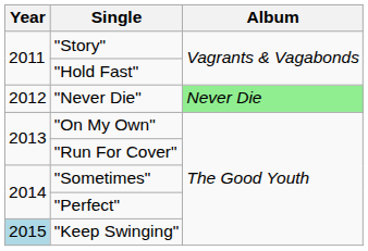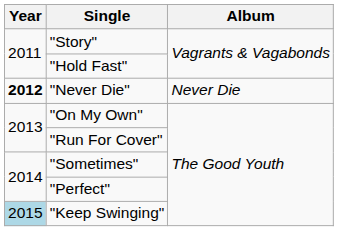 <table class="wikitable">
 <tr>
 <th>Year</th>
 <th>Single</th>
 <th>Album</th>
 </tr>
 <tr>
 <td rowspan=2>2011</td>
 <td>"Story"</td>
 <td rowspan=2><em>Vagrants & Vagabonds</em></td>
 </tr>
 <tr>
 <td>"Hold Fast"</td>
 </tr>
 <tr>
-<td rowspan=1>2012</td>
+<td rowspan=1><strong>2012</strong></td>
 <td>"Never Die"</td>
-<td rowspan=1 style="background: lightgreen;"><em>Never Die</em></td>
+<td rowspan=1><em>Never Die</em></td>
 </tr>
 <tr>
 <td rowspan=2>2013</td>
 <td>"On My Own"</td>
 <td rowspan=5><em>The Good Youth</em></td>
 </tr>
 <tr>
 <td>"Run For Cover"</td>
 </tr>
 <tr>
 <td rowspan=2>2014</td>
 <td>"Sometimes"</td>
 </tr>
 <tr>
 <td>"Perfect"</td>
 </tr>
 <tr>
 <td rowspan=1 style="background: lightblue;">2015</td>
 <td>"Keep Swinging"</td>
 </tr>
 </table>
